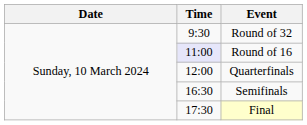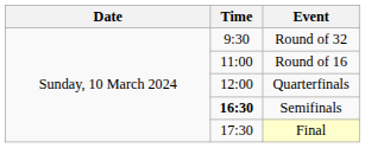 <table class = "wikitable" style="text-align:center;">
 <tr>
 <th width=220>Date</th>
 <th width=50>Time</th>
 <th width=100>Event</th>
 </tr>
 <tr>
 <td rowspan=5>Sunday, 10 March 2024</td>
 <td>9:30</td>
 <td>Round of 32</td>
 </tr>
 <tr>
-<td style="background: lavender;">11:00</td>
+<td>11:00</td>
 <td>Round of 16</td>
 </tr>
 <tr>
 <td>12:00</td>
 <td>Quarterfinals</td>
 </tr>
 <tr>
-<td>16:30</td>
+<td><strong>16:30</strong></td>
 <td>Semifinals</td>
 </tr>
 <tr>
 <td>17:30</td>
 <td bgcolor=ffffcc>Final</td>
 </tr>
 </table>
